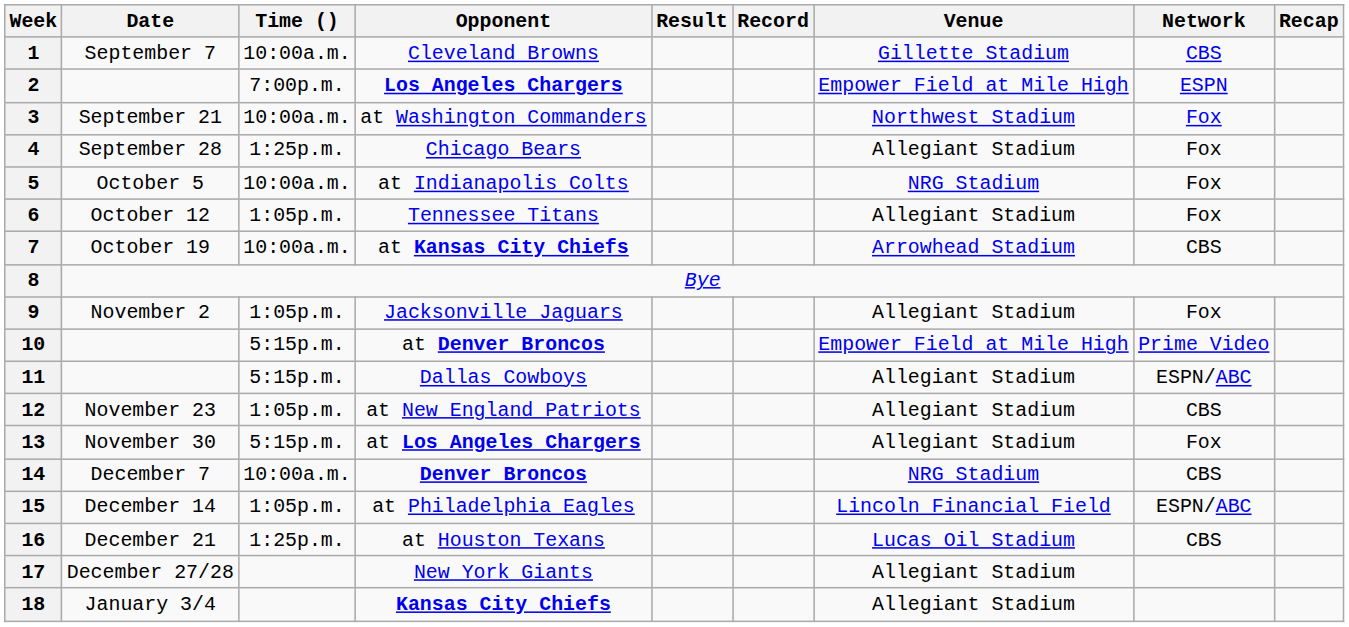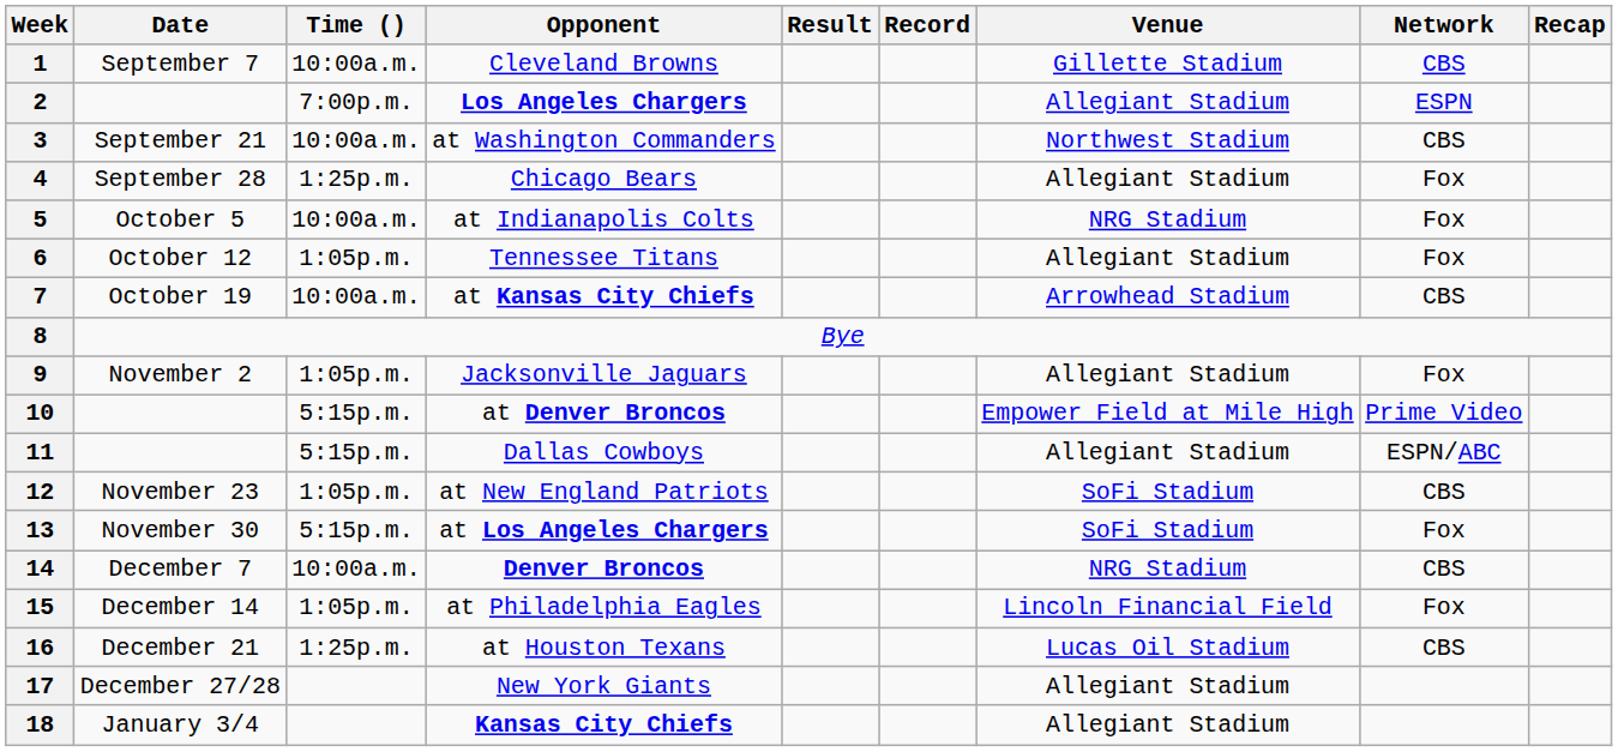 <table class="wikitable" style="text-align:center">
 <tr>
 <th>Week</th>
 <th>Date</th>
 <th>Time (<a href='#'></a>)</th>
 <th>Opponent</th>
 <th>Result</th>
 <th>Record</th>
 <th>Venue</th>
 <th>Network</th>
 <th>Recap</th>
 </tr>
 <tr>
 <th>1 </th>
 <td>September 7</td>
 <td>10:00a.m.</td>
 <td><a href='#'>Cleveland Browns</a></td>
 <td></td>
 <td></td>
 <td><a href='#'>Gillette Stadium</a></td>
 <td><a href='#'>CBS</a></td>
 <td></td>
 </tr>
 <tr>
 <th>2 </th>
 <td></td>
 <td>7:00p.m.</td>
 <td><strong><a href='#'>Los Angeles Chargers</a></strong></td>
 <td></td>
 <td></td>
-<td><a href='#'>Empower Field at Mile High</a></td>
+<td><a href='#'>Allegiant Stadium</a></td>
 <td><a href='#'>ESPN</a></td>
 <td></td>
 </tr>
 <tr>
 <th>3 </th>
 <td>September 21</td>
 <td>10:00a.m.</td>
 <td>at <a href='#'>Washington Commanders</a></td>
 <td></td>
 <td></td>
 <td><a href='#'>Northwest Stadium</a></td>
-<td><a href='#'>Fox</a></td>
+<td>CBS</td>
 <td></td>
 </tr>
 <tr>
 <th>4 </th>
 <td>September 28</td>
 <td>1:25p.m.</td>
 <td><a href='#'>Chicago Bears</a></td>
 <td></td>
 <td></td>
 <td>Allegiant Stadium</td>
 <td>Fox</td>
 <td></td>
 </tr>
 <tr>
 <th>5 </th>
 <td>October 5</td>
 <td>10:00a.m.</td>
 <td>at <a href='#'>Indianapolis Colts</a></td>
 <td></td>
 <td></td>
 <td><a href='#'>NRG Stadium</a></td>
 <td>Fox</td>
 <td></td>
 </tr>
 <tr>
 <th>6 </th>
 <td>October 12</td>
 <td>1:05p.m.</td>
 <td><a href='#'>Tennessee Titans</a></td>
 <td></td>
 <td></td>
 <td>Allegiant Stadium</td>
 <td>Fox</td>
 <td></td>
 </tr>
 <tr>
 <th>7 </th>
 <td>October 19</td>
 <td>10:00a.m.</td>
 <td>at <strong><a href='#'>Kansas City Chiefs</a></strong></td>
 <td></td>
 <td></td>
 <td><a href='#'>Arrowhead Stadium</a></td>
 <td>CBS</td>
 <td></td>
 </tr>
 <tr>
 <th>8</th>
 <td colspan=8><em><a href='#'>Bye</a></em></td>
 </tr>
 <tr>
 <th>9 </th>
 <td>November 2</td>
 <td>1:05p.m.</td>
 <td><a href='#'>Jacksonville Jaguars</a></td>
 <td></td>
 <td></td>
 <td>Allegiant Stadium</td>
 <td>Fox</td>
 <td></td>
 </tr>
 <tr>
 <th>10 </th>
 <td></td>
 <td>5:15p.m.</td>
 <td>at <strong><a href='#'>Denver Broncos</a></strong></td>
 <td></td>
 <td></td>
 <td><a href='#'>Empower Field at Mile High</a></td>
 <td><a href='#'>Prime Video</a></td>
 <td></td>
 </tr>
 <tr>
 <th>11 </th>
 <td></td>
 <td>5:15p.m.</td>
 <td><a href='#'>Dallas Cowboys</a></td>
 <td></td>
 <td></td>
 <td>Allegiant Stadium</td>
 <td>ESPN/<a href='#'>ABC</a></td>
 <td></td>
 </tr>
 <tr>
 <th>12 </th>
 <td>November 23</td>
 <td>1:05p.m.</td>
 <td>at <a href='#'>New England Patriots</a></td>
 <td></td>
 <td></td>
-<td>Allegiant Stadium</td>
+<td><a href='#'>SoFi Stadium</a></td>
 <td>CBS</td>
 <td></td>
 </tr>
 <tr>
 <th>13 </th>
 <td>November 30</td>
 <td>5:15p.m.</td>
 <td>at <strong><a href='#'>Los Angeles Chargers</a></strong></td>
 <td></td>
 <td></td>
-<td>Allegiant Stadium</td>
+<td><a href='#'>SoFi Stadium</a></td>
 <td>Fox</td>
 <td></td>
 </tr>
 <tr>
 <th>14 </th>
 <td>December 7</td>
 <td>10:00a.m.</td>
 <td><strong><a href='#'>Denver Broncos</a></strong></td>
 <td></td>
 <td></td>
 <td><a href='#'>NRG Stadium</a></td>
 <td>CBS</td>
 <td></td>
 </tr>
 <tr>
 <th>15 </th>
 <td>December 14</td>
 <td>1:05p.m.</td>
 <td>at <a href='#'>Philadelphia Eagles</a></td>
 <td></td>
 <td></td>
 <td><a href='#'>Lincoln Financial Field</a></td>
-<td>ESPN/<a href='#'>ABC</a></td>
+<td>Fox</td>
 <td></td>
 </tr>
 <tr>
 <th>16 </th>
 <td>December 21</td>
 <td>1:25p.m.</td>
 <td>at <a href='#'>Houston Texans</a></td>
 <td></td>
 <td></td>
 <td><a href='#'>Lucas Oil Stadium</a></td>
 <td>CBS</td>
 <td></td>
 </tr>
 <tr>
 <th>17 </th>
 <td>December 27/28</td>
 <td></td>
 <td><a href='#'>New York Giants</a></td>
 <td></td>
 <td></td>
 <td>Allegiant Stadium</td>
 <td></td>
 <td></td>
 </tr>
 <tr>
 <th>18 </th>
 <td>January 3/4</td>
 <td></td>
 <td><strong><a href='#'>Kansas City Chiefs</a></strong></td>
 <td></td>
 <td></td>
 <td>Allegiant Stadium</td>
 <td></td>
 <td></td>
 </tr>
 </table>
